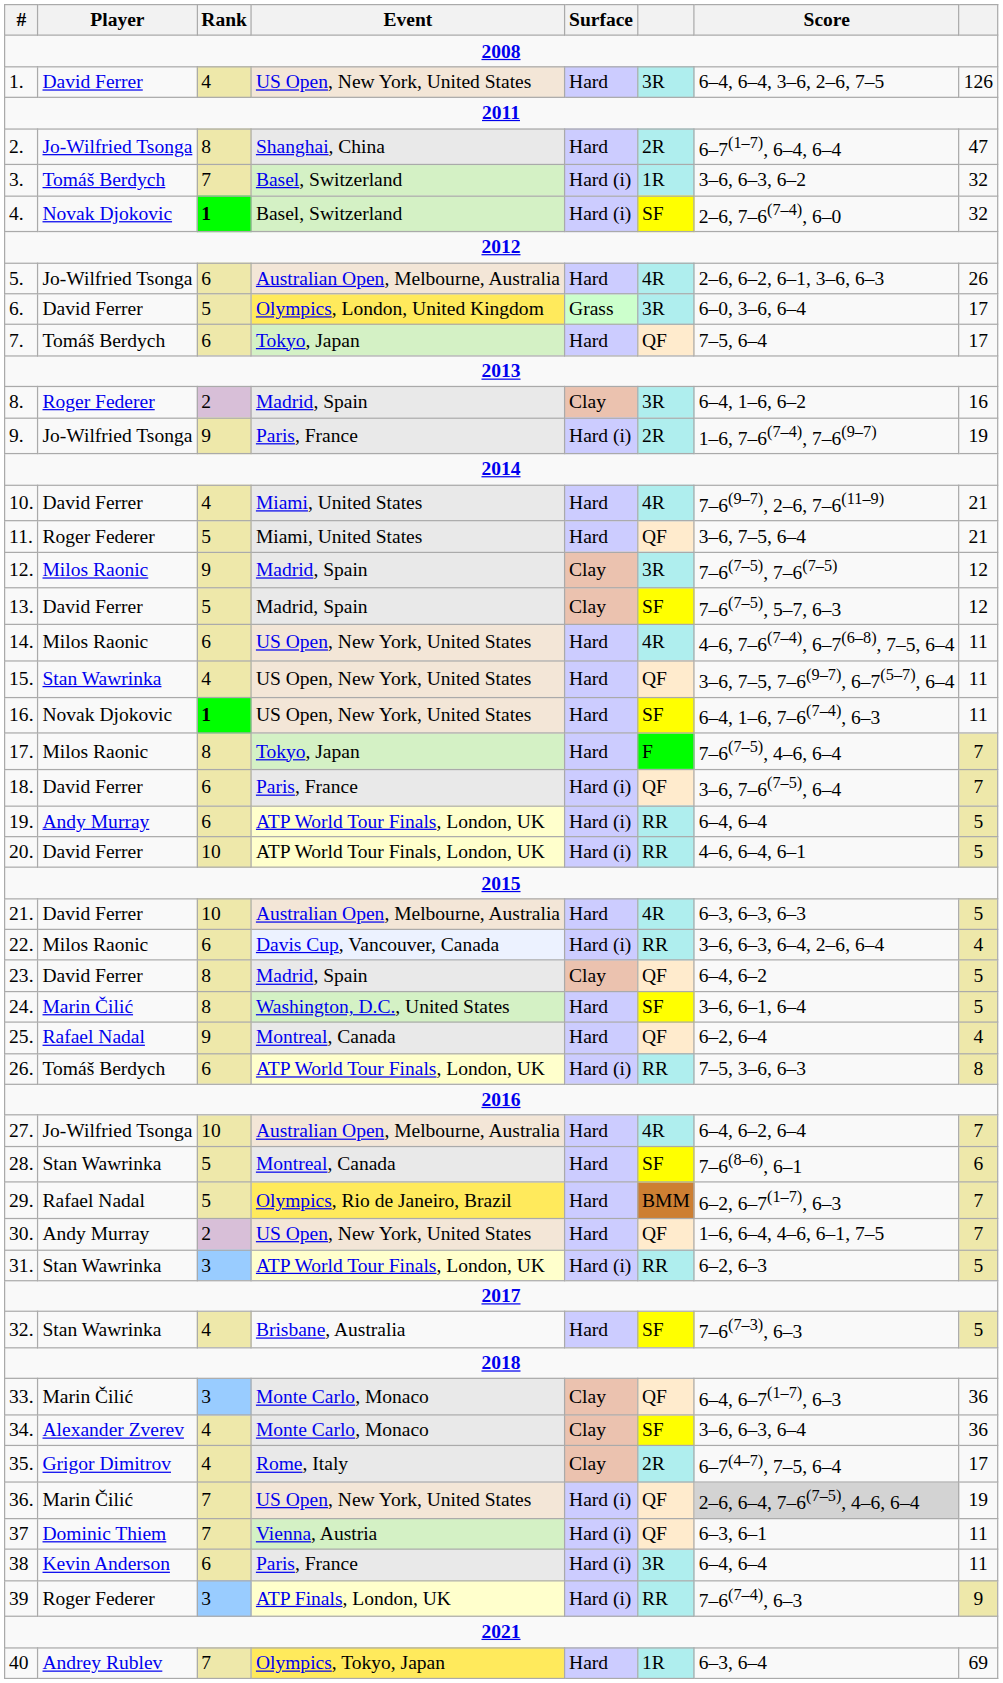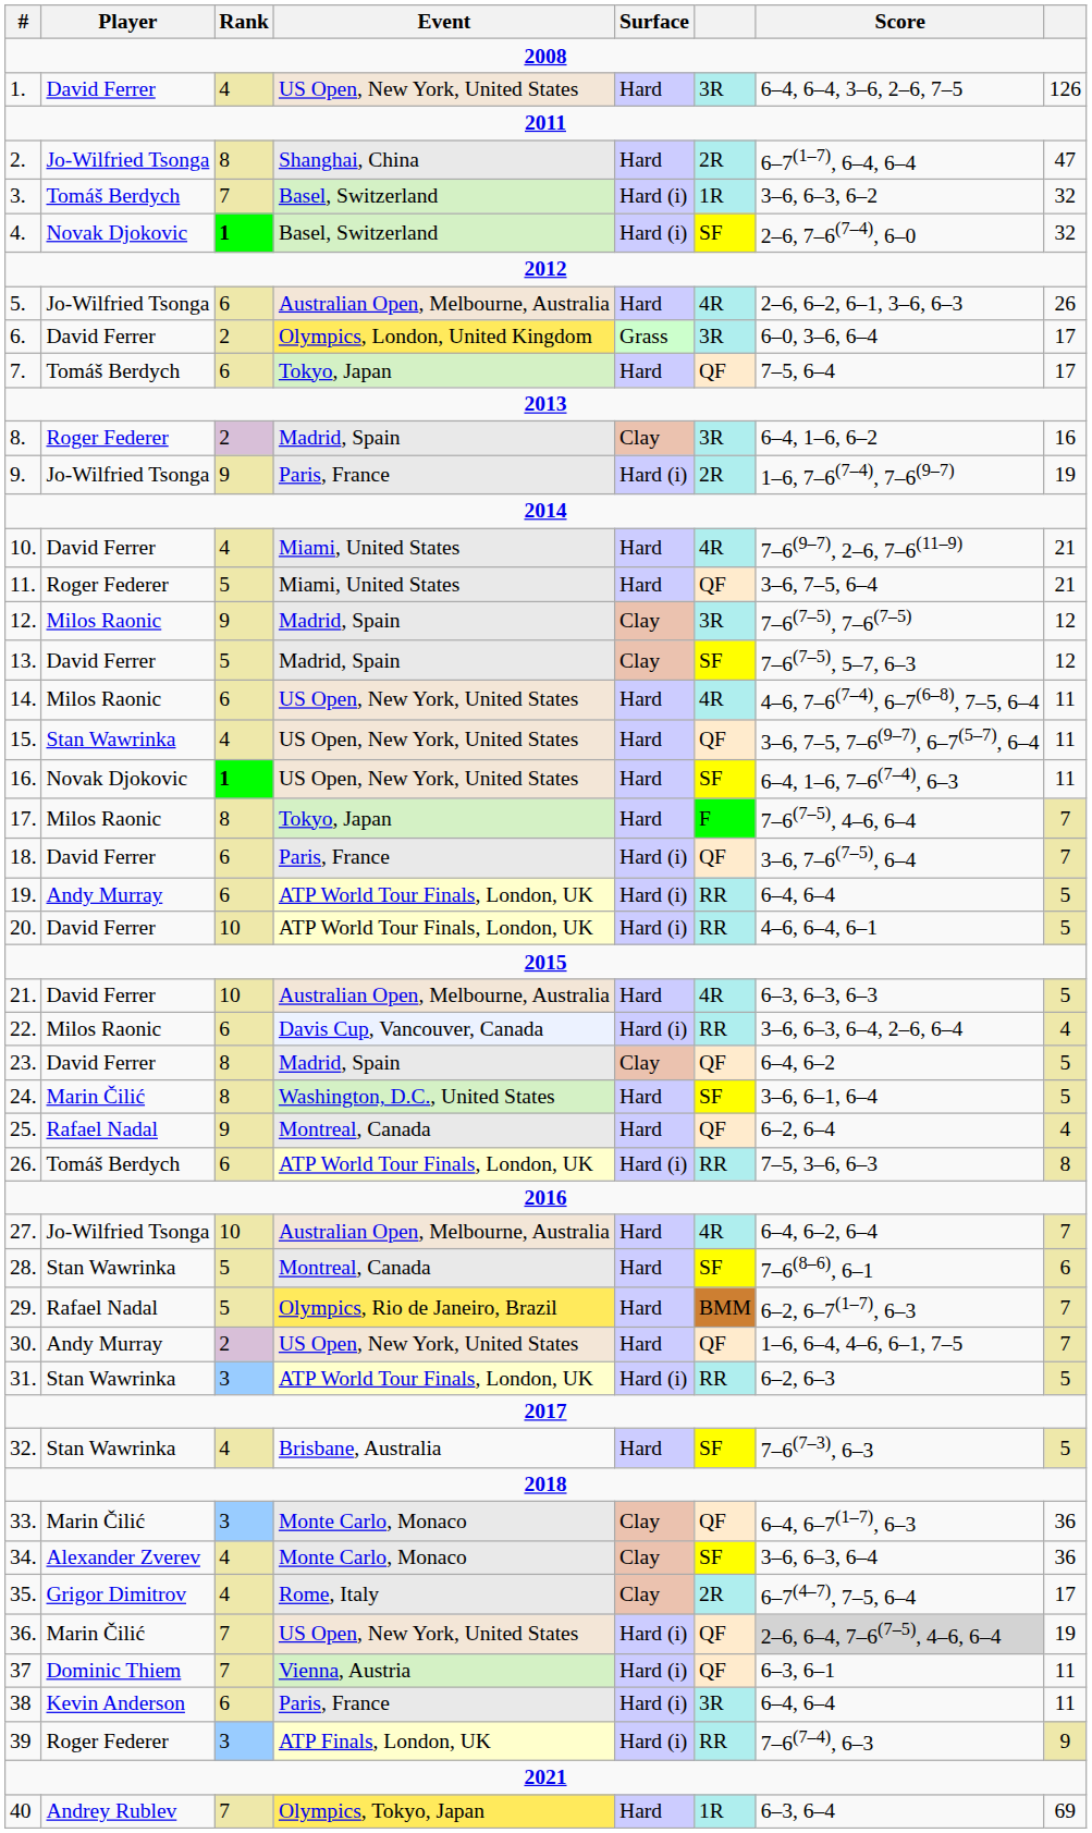 <table class="wikitable sortable">
 <tr>
 <th>#</th>
 <th>Player</th>
 <th>Rank</th>
 <th>Event</th>
 <th>Surface</th>
 <th></th>
 <th>Score</th>
 <th></th>
 </tr>
 <tr>
 <td colspan=8 style=text-align:center><strong><a href='#'>2008</a></strong></td>
 </tr>
 <tr>
 <td>1.</td>
 <td> <a href='#'>David Ferrer</a></td>
 <td bgcolor=EEE8AA>4</td>
 <td bgcolor=f3e6d7><a href='#'>US Open</a>, New York, United States</td>
 <td bgcolor=ccccff>Hard</td>
 <td bgcolor=afeeee>3R</td>
 <td>6–4, 6–4, 3–6, 2–6, 7–5</td>
 <td style=text-align:center>126</td>
 </tr>
 <tr>
 <td colspan=8 style=text-align:center><strong><a href='#'>2011</a></strong></td>
 </tr>
 <tr>
 <td>2.</td>
 <td> <a href='#'>Jo-Wilfried Tsonga</a></td>
 <td bgcolor=EEE8AA>8</td>
 <td bgcolor=e9e9e9><a href='#'>Shanghai</a>, China</td>
 <td bgcolor=ccccff>Hard</td>
 <td bgcolor=afeeee>2R</td>
 <td>6–7<sup>(1–7)</sup>, 6–4, 6–4</td>
 <td style=text-align:center>47</td>
 </tr>
 <tr>
 <td>3.</td>
 <td> <a href='#'>Tomáš Berdych</a></td>
 <td bgcolor=EEE8AA>7</td>
 <td bgcolor=d4f1c5><a href='#'>Basel</a>, Switzerland</td>
 <td bgcolor=CCCCFF>Hard (i)</td>
 <td bgcolor=afeeee>1R</td>
 <td>3–6, 6–3, 6–2</td>
 <td style=text-align:center>32</td>
 </tr>
 <tr>
 <td>4.</td>
 <td> <a href='#'>Novak Djokovic</a></td>
 <td bgcolor=lime><strong>1</strong></td>
 <td bgcolor=d4f1c5>Basel, Switzerland</td>
 <td bgcolor=CCCCFF>Hard (i)</td>
 <td bgcolor=yellow>SF</td>
 <td>2–6, 7–6<sup>(7–4)</sup>, 6–0</td>
 <td style=text-align:center>32</td>
 </tr>
 <tr>
 <td colspan=8 style=text-align:center><strong><a href='#'>2012</a></strong></td>
 </tr>
 <tr>
 <td>5.</td>
 <td> Jo-Wilfried Tsonga</td>
 <td bgcolor=EEE8AA>6</td>
 <td bgcolor=f3e6d7><a href='#'>Australian Open</a>, Melbourne, Australia</td>
 <td bgcolor=CCCCFF>Hard</td>
 <td bgcolor=afeeee>4R</td>
 <td>2–6, 6–2, 6–1, 3–6, 6–3</td>
 <td style=text-align:center>26</td>
 </tr>
 <tr>
 <td>6.</td>
 <td> David Ferrer</td>
-<td bgcolor=EEE8AA>5</td>
+<td bgcolor=EEE8AA>2</td>
 <td bgcolor=ffea5c><a href='#'>Olympics</a>, London, United Kingdom</td>
 <td bgcolor=CCFFCC>Grass</td>
 <td bgcolor=afeeee>3R</td>
 <td>6–0, 3–6, 6–4</td>
 <td style=text-align:center>17</td>
 </tr>
 <tr>
 <td>7.</td>
 <td> Tomáš Berdych</td>
 <td bgcolor=EEE8AA>6</td>
 <td bgcolor=d4f1c5><a href='#'>Tokyo</a>, Japan</td>
 <td bgcolor=CCCCFF>Hard</td>
 <td bgcolor=ffebcd>QF</td>
 <td>7–5, 6–4</td>
 <td style=text-align:center>17</td>
 </tr>
 <tr>
 <td colspan=8 style=text-align:center><strong><a href='#'>2013</a></strong></td>
 </tr>
 <tr>
 <td>8.</td>
 <td> <a href='#'>Roger Federer</a></td>
 <td bgcolor=thistle>2</td>
 <td bgcolor=e9e9e9><a href='#'>Madrid</a>, Spain</td>
 <td bgcolor=EBC2AF>Clay</td>
 <td bgcolor=afeeee>3R</td>
 <td>6–4, 1–6, 6–2</td>
 <td style=text-align:center>16</td>
 </tr>
 <tr>
 <td>9.</td>
 <td> Jo-Wilfried Tsonga</td>
 <td bgcolor=EEE8AA>9</td>
 <td bgcolor=e9e9e9><a href='#'>Paris</a>, France</td>
 <td bgcolor=CCCCFF>Hard (i)</td>
 <td bgcolor=afeeee>2R</td>
 <td>1–6, 7–6<sup>(7–4)</sup>, 7–6<sup>(9–7)</sup></td>
 <td style=text-align:center>19</td>
 </tr>
 <tr>
 <td colspan=8 style=text-align:center><strong><a href='#'>2014</a></strong></td>
 </tr>
 <tr>
 <td>10.</td>
 <td> David Ferrer</td>
 <td bgcolor=EEE8AA>4</td>
 <td bgcolor=e9e9e9><a href='#'>Miami</a>, United States</td>
 <td bgcolor=ccccff>Hard</td>
 <td bgcolor=afeeee>4R</td>
 <td>7–6<sup>(9–7)</sup>, 2–6, 7–6<sup>(11–9)</sup></td>
 <td style=text-align:center>21</td>
 </tr>
 <tr>
 <td>11.</td>
 <td> Roger Federer</td>
 <td bgcolor=EEE8AA>5</td>
 <td bgcolor=e9e9e9>Miami, United States</td>
 <td bgcolor=ccccff>Hard</td>
 <td bgcolor=ffebcd>QF</td>
 <td>3–6, 7–5, 6–4</td>
 <td style=text-align:center>21</td>
 </tr>
 <tr>
 <td>12.</td>
 <td> <a href='#'>Milos Raonic</a></td>
 <td bgcolor=EEE8AA>9</td>
 <td bgcolor=e9e9e9><a href='#'>Madrid</a>, Spain</td>
 <td bgcolor=EBC2AF>Clay</td>
 <td bgcolor=afeeee>3R</td>
 <td>7–6<sup>(7–5)</sup>, 7–6<sup>(7–5)</sup></td>
 <td style=text-align:center>12</td>
 </tr>
 <tr>
 <td>13.</td>
 <td> David Ferrer</td>
 <td bgcolor=EEE8AA>5</td>
 <td bgcolor=e9e9e9>Madrid, Spain</td>
 <td bgcolor=EBC2AF>Clay</td>
 <td bgcolor=yellow>SF</td>
 <td>7–6<sup>(7–5)</sup>, 5–7, 6–3</td>
 <td style=text-align:center>12</td>
 </tr>
 <tr>
 <td>14.</td>
 <td> Milos Raonic</td>
 <td bgcolor=EEE8AA>6</td>
 <td bgcolor=f3e6d7><a href='#'>US Open</a>, New York, United States</td>
 <td bgcolor=ccccff>Hard</td>
 <td bgcolor=afeeee>4R</td>
 <td>4–6, 7–6<sup>(7–4)</sup>, 6–7<sup>(6–8)</sup>, 7–5, 6–4</td>
 <td style=text-align:center>11</td>
 </tr>
 <tr>
 <td>15.</td>
 <td> <a href='#'>Stan Wawrinka</a></td>
 <td bgcolor=EEE8AA>4</td>
 <td bgcolor=f3e6d7>US Open, New York, United States</td>
 <td bgcolor=ccccff>Hard</td>
 <td bgcolor=ffebcd>QF</td>
 <td>3–6, 7–5, 7–6<sup>(9–7)</sup>, 6–7<sup>(5–7)</sup>, 6–4</td>
 <td style=text-align:center>11</td>
 </tr>
 <tr>
 <td>16.</td>
 <td> Novak Djokovic</td>
 <td bgcolor=lime><strong>1</strong></td>
 <td bgcolor=f3e6d7>US Open, New York, United States</td>
 <td bgcolor=ccccff>Hard</td>
 <td bgcolor=yellow>SF</td>
 <td>6–4, 1–6, 7–6<sup>(7–4)</sup>, 6–3</td>
 <td style=text-align:center>11</td>
 </tr>
 <tr>
 <td>17.</td>
 <td> Milos Raonic</td>
 <td bgcolor=EEE8AA>8</td>
 <td bgcolor=d4f1c5><a href='#'>Tokyo</a>, Japan</td>
 <td bgcolor=CCCCFF>Hard</td>
 <td bgcolor=lime>F</td>
 <td>7–6<sup>(7–5)</sup>, 4–6, 6–4</td>
 <td style="text-align:center; background:#eee8aa;">7</td>
 </tr>
 <tr>
 <td>18.</td>
 <td> David Ferrer</td>
 <td bgcolor=EEE8AA>6</td>
 <td bgcolor=e9e9e9><a href='#'>Paris</a>, France</td>
 <td bgcolor=CCCCFF>Hard (i)</td>
 <td bgcolor=ffebcd>QF</td>
 <td>3–6, 7–6<sup>(7–5)</sup>, 6–4</td>
 <td style="text-align:center; background:#eee8aa;">7</td>
 </tr>
 <tr>
 <td>19.</td>
 <td> <a href='#'>Andy Murray</a></td>
 <td bgcolor=EEE8AA>6</td>
 <td bgcolor=ffffcc><a href='#'>ATP World Tour Finals</a>, London, UK</td>
 <td style="background:#ccf;">Hard (i)</td>
 <td bgcolor=afeeee>RR</td>
 <td>6–4, 6–4</td>
 <td style="text-align:center; background:#eee8aa;">5</td>
 </tr>
 <tr>
 <td>20.</td>
 <td> David Ferrer</td>
 <td bgcolor=EEE8AA>10</td>
 <td bgcolor=ffffcc>ATP World Tour Finals, London, UK</td>
 <td style="background:#ccf;">Hard (i)</td>
 <td bgcolor=afeeee>RR</td>
 <td>4–6, 6–4, 6–1</td>
 <td style="text-align:center; background:#eee8aa;">5</td>
 </tr>
 <tr>
 <td colspan=8 style=text-align:center><strong><a href='#'>2015</a></strong></td>
 </tr>
 <tr>
 <td>21.</td>
 <td> David Ferrer</td>
 <td bgcolor=EEE8AA>10</td>
 <td bgcolor=f3e6d7><a href='#'>Australian Open</a>, Melbourne, Australia</td>
 <td bgcolor=ccccff>Hard</td>
 <td bgcolor=afeeee>4R</td>
 <td>6–3, 6–3, 6–3</td>
 <td style="text-align:center; background:#eee8aa;">5</td>
 </tr>
 <tr>
 <td>22.</td>
 <td> Milos Raonic</td>
 <td bgcolor=EEE8AA>6</td>
 <td bgcolor=ecf2ff><a href='#'>Davis Cup</a>, Vancouver, Canada</td>
 <td bgcolor=ccccff>Hard (i)</td>
 <td bgcolor=afeeee>RR</td>
 <td>3–6, 6–3, 6–4, 2–6, 6–4</td>
 <td style="text-align:center; background:#eee8aa;">4</td>
 </tr>
 <tr>
 <td>23.</td>
 <td> David Ferrer</td>
 <td bgcolor=EEE8AA>8</td>
 <td bgcolor=e9e9e9><a href='#'>Madrid</a>, Spain</td>
 <td bgcolor=EBC2AF>Clay</td>
 <td bgcolor=ffebcd>QF</td>
 <td>6–4, 6–2</td>
 <td style="text-align:center; background:#eee8aa;">5</td>
 </tr>
 <tr>
 <td>24.</td>
 <td> <a href='#'>Marin Čilić</a></td>
 <td bgcolor=EEE8AA>8</td>
 <td bgcolor=d4f1c5><a href='#'>Washington, D.C.</a>, United States</td>
 <td bgcolor=ccccff>Hard</td>
 <td bgcolor=yellow>SF</td>
 <td>3–6, 6–1, 6–4</td>
 <td style="text-align:center; background:#eee8aa;">5</td>
 </tr>
 <tr>
 <td>25.</td>
 <td> <a href='#'>Rafael Nadal</a></td>
 <td bgcolor=EEE8AA>9</td>
 <td bgcolor=e9e9e9><a href='#'>Montreal</a>, Canada</td>
 <td bgcolor=ccccff>Hard</td>
 <td bgcolor=ffebcd>QF</td>
 <td>6–2, 6–4</td>
 <td style="text-align:center; background:#eee8aa;">4</td>
 </tr>
 <tr>
 <td>26.</td>
 <td> Tomáš Berdych</td>
 <td bgcolor=EEE8AA>6</td>
 <td bgcolor=ffffcc><a href='#'>ATP World Tour Finals</a>, London, UK</td>
 <td bgcolor=CCCCFF>Hard (i)</td>
 <td bgcolor=afeeee>RR</td>
 <td>7–5, 3–6, 6–3</td>
 <td style="text-align:center; background:#eee8aa;">8</td>
 </tr>
 <tr>
 <td colspan=8 style=text-align:center><strong><a href='#'>2016</a></strong></td>
 </tr>
 <tr>
 <td>27.</td>
 <td> Jo-Wilfried Tsonga</td>
 <td bgcolor=EEE8AA>10</td>
 <td bgcolor=f3e6d7><a href='#'>Australian Open</a>, Melbourne, Australia</td>
 <td bgcolor=ccccff>Hard</td>
 <td bgcolor=afeeee>4R</td>
 <td>6–4, 6–2, 6–4</td>
 <td style="text-align:center; background:#eee8aa;">7</td>
 </tr>
 <tr>
 <td>28.</td>
 <td> Stan Wawrinka</td>
 <td bgcolor=EEE8AA>5</td>
 <td bgcolor=e9e9e9><a href='#'>Montreal</a>, Canada</td>
 <td bgcolor=ccccff>Hard</td>
 <td bgcolor=yellow>SF</td>
 <td>7–6<sup>(8–6)</sup>, 6–1</td>
 <td style="text-align:center; background:#eee8aa;">6</td>
 </tr>
 <tr>
 <td>29.</td>
 <td> Rafael Nadal</td>
 <td bgcolor=eee8aa>5</td>
 <td bgcolor=ffea5c><a href='#'>Olympics</a>, Rio de Janeiro, Brazil</td>
 <td bgcolor=ccccff>Hard</td>
 <td bgcolor=cd7f32>BMM</td>
 <td>6–2, 6–7<sup>(1–7)</sup>, 6–3</td>
 <td style="text-align:center; background:#eee8aa;">7</td>
 </tr>
 <tr>
 <td>30.</td>
 <td> Andy Murray</td>
 <td bgcolor=thistle>2</td>
 <td bgcolor=f3e6d7><a href='#'>US Open</a>, New York, United States</td>
 <td bgcolor=ccccff>Hard</td>
 <td bgcolor=ffebcd>QF</td>
 <td>1–6, 6–4, 4–6, 6–1, 7–5</td>
 <td style="text-align:center; background:#eee8aa;">7</td>
 </tr>
 <tr>
 <td>31.</td>
 <td> Stan Wawrinka</td>
 <td bgcolor=99ccff>3</td>
 <td bgcolor=ffffcc><a href='#'>ATP World Tour Finals</a>, London, UK</td>
 <td bgcolor=CCCCFF>Hard (i)</td>
 <td bgcolor=afeeee>RR</td>
 <td>6–2, 6–3</td>
 <td style="text-align:center; background:#eee8aa;">5</td>
 </tr>
 <tr>
 <td colspan=8 style=text-align:center><strong><a href='#'>2017</a></strong></td>
 </tr>
 <tr>
 <td>32.</td>
 <td> Stan Wawrinka</td>
 <td bgcolor=EEE8AA>4</td>
 <td><a href='#'>Brisbane</a>, Australia</td>
 <td bgcolor=CCCCFF>Hard</td>
 <td bgcolor=yellow>SF</td>
 <td>7–6<sup>(7–3)</sup>, 6–3</td>
 <td style="text-align:center; background:#eee8aa;">5</td>
 </tr>
 <tr>
 <td colspan=8 style=text-align:center><strong><a href='#'>2018</a></strong></td>
 </tr>
 <tr>
 <td>33.</td>
 <td> Marin Čilić</td>
 <td bgcolor=99ccff>3</td>
 <td bgcolor=e9e9e9><a href='#'>Monte Carlo</a>, Monaco</td>
 <td style="background:#ebc2af;">Clay</td>
 <td bgcolor=ffebcd>QF</td>
 <td>6–4, 6–7<sup>(1–7)</sup>, 6–3</td>
 <td style=text-align:center>36</td>
 </tr>
 <tr>
 <td>34.</td>
 <td> <a href='#'>Alexander Zverev</a></td>
 <td bgcolor=EEE8AA>4</td>
 <td bgcolor=e9e9e9><a href='#'>Monte Carlo</a>, Monaco</td>
 <td style="background:#ebc2af;">Clay</td>
 <td bgcolor=yellow>SF</td>
 <td>3–6, 6–3, 6–4</td>
 <td style=text-align:center>36</td>
 </tr>
 <tr>
 <td>35.</td>
 <td> <a href='#'>Grigor Dimitrov</a></td>
 <td bgcolor=EEE8AA>4</td>
 <td bgcolor=e9e9e9><a href='#'>Rome</a>, Italy</td>
 <td bgcolor=ebc2af>Clay</td>
 <td bgcolor=afeeee>2R</td>
 <td>6–7<sup>(4–7)</sup>, 7–5, 6–4</td>
 <td style=text-align:center>17</td>
 </tr>
 <tr>
 <td>36.</td>
 <td> Marin Čilić</td>
 <td bgcolor=EEE8AA>7</td>
 <td bgcolor=f3e6d7><a href='#'>US Open</a>, New York, United States</td>
 <td bgcolor=CCCCFF>Hard (i)</td>
 <td bgcolor=ffebcd>QF</td>
 <td style="background: lightgrey;">2–6, 6–4, 7–6<sup>(7–5)</sup>, 4–6, 6–4</td>
 <td style=text-align:center>19</td>
 </tr>
 <tr>
 <td>37</td>
 <td> <a href='#'>Dominic Thiem</a></td>
 <td bgcolor=EEE8AA>7</td>
 <td bgcolor=d4f1c5><a href='#'>Vienna</a>, Austria</td>
 <td bgcolor=ccccff>Hard (i)</td>
 <td bgcolor=ffebcd>QF</td>
 <td>6–3, 6–1</td>
 <td style=text-align:center>11</td>
 </tr>
 <tr>
 <td>38</td>
 <td> <a href='#'>Kevin Anderson</a></td>
 <td bgcolor=EEE8AA>6</td>
 <td bgcolor=e9e9e9><a href='#'>Paris</a>, France</td>
 <td bgcolor=ccccff>Hard (i)</td>
 <td bgcolor=afeeee>3R</td>
 <td>6–4, 6–4</td>
 <td style=text-align:center>11</td>
 </tr>
 <tr>
 <td>39</td>
 <td> Roger Federer</td>
 <td bgcolor=99ccff>3</td>
 <td bgcolor=ffffcc><a href='#'>ATP Finals</a>, London, UK</td>
 <td bgcolor=CCCCFF>Hard (i)</td>
 <td bgcolor=afeeee>RR</td>
 <td>7–6<sup>(7–4)</sup>, 6–3</td>
 <td style="text-align:center; background:#eee8aa;">9</td>
 </tr>
 <tr>
 <td colspan=8 style=text-align:center><strong><a href='#'>2021</a></strong></td>
 </tr>
 <tr>
 <td>40</td>
 <td> <a href='#'>Andrey Rublev</a></td>
 <td bgcolor=EEE8AA>7</td>
 <td bgcolor=ffea5c><a href='#'>Olympics</a>, Tokyo, Japan</td>
 <td bgcolor=ccccff>Hard</td>
 <td bgcolor=afeeee>1R</td>
 <td>6–3, 6–4</td>
 <td style="text-align:center;">69</td>
 </tr>
 </table>
